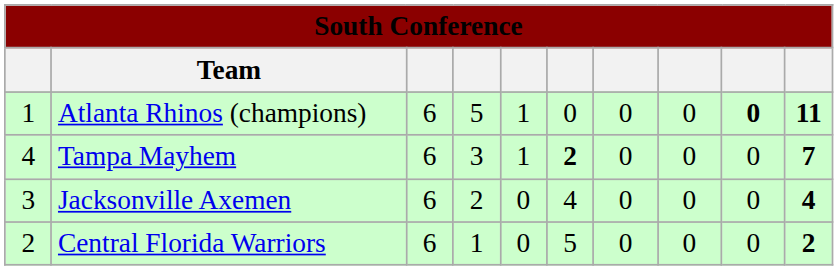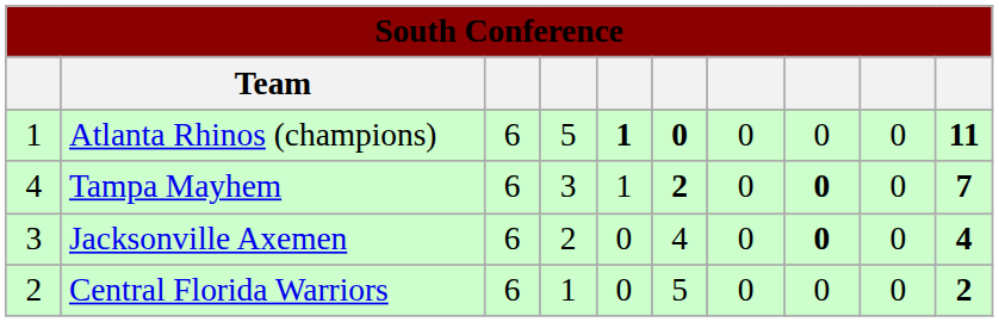 <table class="wikitable" style="text-align:center;">
 <tr>
 <td style="background:darkred; text-align:center;" colspan="10"><strong><span>South Conference</span></strong></td>
 </tr>
 <tr>
 <th style="width:20px;"></th>
 <th style="width:200px;">Team</th>
 <th style="width:20px;"></th>
 <th style="width:20px;"></th>
 <th style="width:20px;"></th>
 <th style="width:20px;"></th>
 <th style="width:30px;"></th>
 <th style="width:30px;"></th>
 <th style="width:30px;"></th>
 <th style="width:20px;"></th>
 </tr>
 <tr style="background:#cfc;">
 <td>1</td>
 <td style="text-align:left;"> <a href='#'>Atlanta Rhinos</a> (champions)</td>
 <td>6</td>
 <td>5</td>
-<td>1</td>
+<td><strong>1</strong></td>
+<td><strong>0</strong></td>
 <td>0</td>
 <td>0</td>
 <td>0</td>
-<td><strong>0</strong></td>
 <td><strong>11</strong></td>
 </tr>
 <tr style="background:#cfc;">
 <td>4</td>
 <td style="text-align:left;"> <a href='#'>Tampa Mayhem</a></td>
 <td>6</td>
 <td>3</td>
 <td>1</td>
 <td><strong>2</strong></td>
 <td>0</td>
-<td>0</td>
+<td><strong>0</strong></td>
 <td>0</td>
 <td><strong>7</strong></td>
 </tr>
 <tr style="background:#cfc;">
 <td>3</td>
 <td style="text-align:left;"> <a href='#'>Jacksonville Axemen</a></td>
 <td>6</td>
 <td>2</td>
 <td>0</td>
 <td>4</td>
 <td>0</td>
-<td>0</td>
+<td><strong>0</strong></td>
 <td>0</td>
 <td><strong>4</strong></td>
 </tr>
 <tr style="background:#cfc;">
 <td>2</td>
 <td style="text-align:left;"> <a href='#'>Central Florida Warriors</a></td>
 <td>6</td>
 <td>1</td>
 <td>0</td>
 <td>5</td>
 <td>0</td>
 <td>0</td>
 <td>0</td>
 <td><strong>2</strong></td>
 </tr>
 </table>
